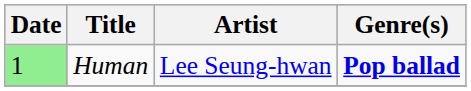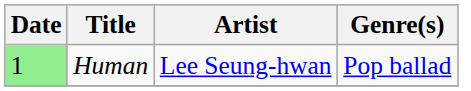 <table class="wikitable" style="text-align: left;">
 <tr>
 <th>Date</th>
 <th>Title</th>
 <th>Artist</th>
 <th>Genre(s)</th>
 </tr>
 <tr>
 <td style="background: lightgreen;">1</td>
 <td><em>Human</em></td>
 <td><a href='#'>Lee Seung-hwan</a></td>
-<td><strong><a href='#'>Pop ballad</a></strong></td>
+<td><a href='#'>Pop ballad</a></td>
 </tr>
 <tr>
 </tr>
 </table>
